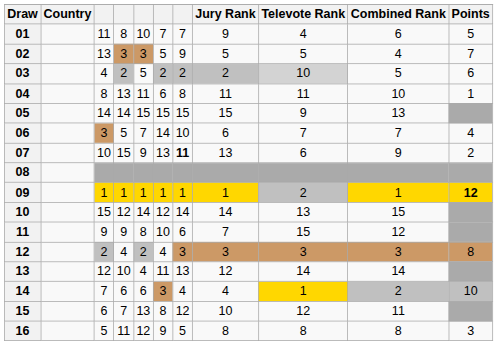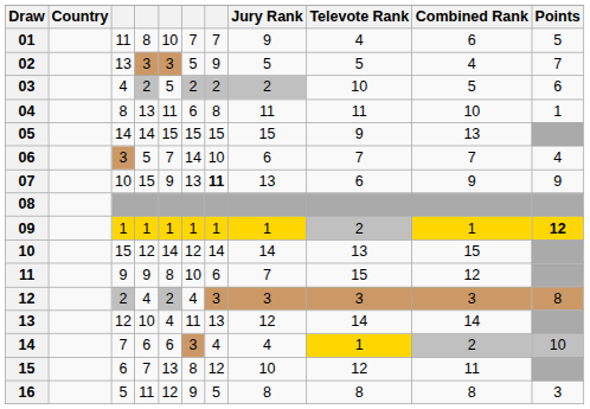 <table class="sortable wikitable collapsible plainrowheaders" style="text-align:center;">
 <tr>
 </tr>
 <tr>
 <th scope="col">Draw</th>
 <th scope="col">Country</th>
 <th scope="col"></th>
 <th scope="col"></th>
 <th scope="col"></th>
 <th scope="col"></th>
 <th scope="col"></th>
 <th scope="col">Jury Rank</th>
 <th scope="col">Televote Rank</th>
 <th scope="col">Combined Rank</th>
 <th scope="col">Points</th>
 </tr>
 <tr>
 <th scope="row" style="text-align:center;">01</th>
 <td style="text-align:left;"></td>
 <td>11</td>
 <td>8</td>
 <td>10</td>
 <td>7</td>
 <td>7</td>
 <td>9</td>
 <td>4</td>
 <td>6</td>
 <td>5</td>
 </tr>
 <tr>
 <th scope="row" style="text-align:center;">02</th>
 <td style="text-align:left;"></td>
 <td>13</td>
 <td style="background:#CC9966;">3</td>
 <td style="background:#CC9966;">3</td>
 <td>5</td>
 <td>9</td>
 <td>5</td>
 <td>5</td>
 <td>4</td>
 <td>7</td>
 </tr>
 <tr>
 <th scope="row" style="text-align:center;">03</th>
 <td style="text-align:left;"></td>
 <td>4</td>
 <td style="background:silver;">2</td>
 <td>5</td>
 <td style="background:silver;">2</td>
 <td style="background:silver;">2</td>
 <td style="background:silver;">2</td>
-<td style="background: lightgrey;">10</td>
+<td>10</td>
 <td>5</td>
 <td>6</td>
 </tr>
 <tr>
 <th scope="row" style="text-align:center;">04</th>
 <td style="text-align:left;"></td>
 <td>8</td>
 <td>13</td>
 <td>11</td>
 <td>6</td>
 <td>8</td>
 <td>11</td>
 <td>11</td>
 <td>10</td>
 <td>1</td>
 </tr>
 <tr>
 <th scope="row" style="text-align:center;">05</th>
 <td style="text-align:left;"></td>
 <td>14</td>
 <td>14</td>
 <td>15</td>
 <td>15</td>
 <td>15</td>
 <td>15</td>
 <td>9</td>
 <td>13</td>
 <td style="background:#AAAAAA;"></td>
 </tr>
 <tr>
 <th scope="row" style="text-align:center;">06</th>
 <td style="text-align:left;"></td>
 <td style="background:#CC9966;">3</td>
 <td>5</td>
 <td>7</td>
 <td>14</td>
 <td>10</td>
 <td>6</td>
 <td>7</td>
 <td>7</td>
 <td>4</td>
 </tr>
 <tr>
 <th scope="row" style="text-align:center;">07</th>
 <td style="text-align:left;"></td>
 <td>10</td>
 <td>15</td>
 <td>9</td>
 <td>13</td>
 <td><strong>11</strong></td>
 <td>13</td>
 <td>6</td>
 <td>9</td>
-<td>2</td>
+<td>9</td>
 </tr>
 <tr class="sortbottom">
 <th scope="row" style="text-align:center;">08</th>
 <td style="text-align:left;"></td>
 <td style="background:#AAAAAA;"></td>
 <td style="background:#AAAAAA;"></td>
 <td style="background:#AAAAAA;"></td>
 <td style="background:#AAAAAA;"></td>
 <td style="background:#AAAAAA;"></td>
 <td style="background:#AAAAAA;"></td>
 <td style="background:#AAAAAA;"></td>
 <td style="background:#AAAAAA;"></td>
 <td style="background:#AAAAAA;"></td>
 </tr>
 <tr>
 <th scope="row" style="text-align:center;">09</th>
 <td style="text-align:left;"></td>
 <td style="background:gold;">1</td>
 <td style="background:gold;">1</td>
 <td style="background:gold;">1</td>
 <td style="background:gold;">1</td>
 <td style="background:gold;">1</td>
 <td style="background:gold;">1</td>
 <td style="background:silver;">2</td>
 <td style="background:gold;">1</td>
 <td style="background:gold;"><strong>12</strong></td>
 </tr>
 <tr>
 <th scope="row" style="text-align:center;">10</th>
 <td style="text-align:left;"></td>
 <td>15</td>
 <td>12</td>
 <td>14</td>
 <td>12</td>
 <td>14</td>
 <td>14</td>
 <td>13</td>
 <td>15</td>
 <td style="background:#AAAAAA;"></td>
 </tr>
 <tr>
 <th scope="row" style="text-align:center;">11</th>
 <td style="text-align:left;"></td>
 <td>9</td>
 <td>9</td>
 <td>8</td>
 <td>10</td>
 <td>6</td>
 <td>7</td>
 <td>15</td>
 <td>12</td>
 <td style="background:#AAAAAA;"></td>
 </tr>
 <tr>
 <th scope="row" style="text-align:center;">12</th>
 <td style="text-align:left;"></td>
 <td style="background:silver;">2</td>
 <td>4</td>
 <td style="background:silver;">2</td>
 <td>4</td>
 <td style="background:#CC9966;">3</td>
 <td style="background:#CC9966;">3</td>
 <td style="background:#CC9966;">3</td>
 <td style="background:#CC9966;">3</td>
 <td style="background:#CC9966;">8</td>
 </tr>
 <tr>
 <th scope="row" style="text-align:center;">13</th>
 <td style="text-align:left;"></td>
 <td>12</td>
 <td>10</td>
 <td>4</td>
 <td>11</td>
 <td>13</td>
 <td>12</td>
 <td>14</td>
 <td>14</td>
 <td style="background:#AAAAAA;"></td>
 </tr>
 <tr>
 <th scope="row" style="text-align:center;">14</th>
 <td style="text-align:left;"></td>
 <td>7</td>
 <td>6</td>
 <td>6</td>
 <td style="background:#CC9966;">3</td>
 <td>4</td>
 <td>4</td>
 <td style="background:gold;">1</td>
 <td style="background:silver;">2</td>
 <td style="background:silver;">10</td>
 </tr>
 <tr>
 <th scope="row" style="text-align:center;">15</th>
 <td style="text-align:left;"></td>
 <td>6</td>
 <td>7</td>
 <td>13</td>
 <td>8</td>
 <td>12</td>
 <td>10</td>
 <td>12</td>
 <td>11</td>
 <td style="background:#AAAAAA;"></td>
 </tr>
 <tr>
 <th scope="row" style="text-align:center;">16</th>
 <td style="text-align:left;"></td>
 <td>5</td>
 <td>11</td>
 <td>12</td>
 <td>9</td>
 <td>5</td>
 <td>8</td>
 <td>8</td>
 <td>8</td>
 <td>3</td>
 </tr>
 </table>
